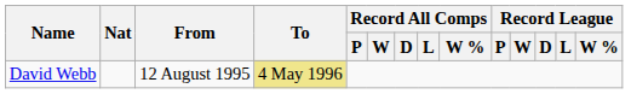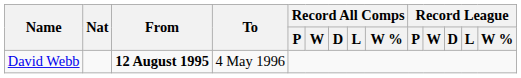 <table style="text-align: center" class="wikitable">
 <tr>
 <th rowspan="2">Name</th>
 <th rowspan="2">Nat</th>
 <th rowspan="2">From</th>
 <th rowspan="2">To</th>
 <th colspan="5">Record All Comps</th>
 <th colspan="5">Record League</th>
 </tr>
 <tr>
 <th>P</th>
 <th>W</th>
 <th>D</th>
 <th>L</th>
 <th>W %</th>
 <th>P</th>
 <th>W</th>
 <th>D</th>
 <th>L</th>
 <th>W %</th>
 </tr>
 <tr>
 <td style="text-align:left;"><a href='#'>David Webb</a></td>
 <td></td>
-<td style="text-align:left;">12 August 1995</td>
-<td style="background: khaki; text-align:left;">4 May 1996<br> </td>
+<td style="text-align:left;"><strong>12 August 1995</strong></td>
+<td style="text-align:left;">4 May 1996<br> </td>
 </tr>
 </table>
